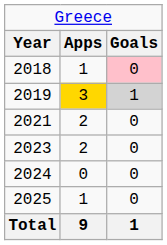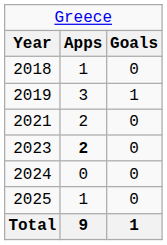 <table class="wikitable" style="text-align:center">
 <tr>
 <td colspan="6"><a href='#'>Greece</a></td>
 </tr>
 <tr>
 <th>Year</th>
 <th>Apps</th>
 <th>Goals</th>
 </tr>
 <tr>
 <td>2018</td>
 <td>1</td>
-<td style="background: pink;">0</td>
+<td>0</td>
 </tr>
 <tr>
 <td>2019</td>
-<td style="background: gold;">3</td>
-<td style="background: lightgrey;">1</td>
+<td>3</td>
+<td>1</td>
 </tr>
 <tr>
 <td>2021</td>
 <td>2</td>
 <td>0</td>
 </tr>
 <tr>
 <td>2023</td>
-<td>2</td>
+<td><strong>2</strong></td>
 <td>0</td>
 </tr>
 <tr>
 <td>2024</td>
 <td>0</td>
 <td>0</td>
 </tr>
 <tr>
 <td>2025</td>
 <td>1</td>
 <td>0</td>
 </tr>
 <tr>
 <th>Total</th>
 <th>9</th>
 <th>1</th>
 </tr>
 </table>
